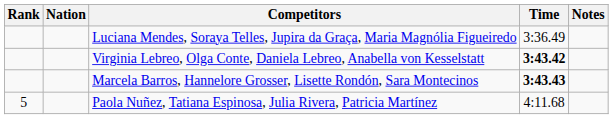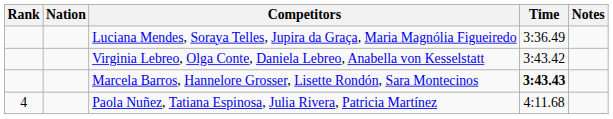 <table class="wikitable sortable" style="text-align:center">
 <tr>
 <th>Rank</th>
 <th>Nation</th>
 <th>Competitors</th>
 <th>Time</th>
 <th>Notes</th>
 </tr>
 <tr>
 <td></td>
 <td align=left></td>
 <td align=left><a href='#'>Luciana Mendes</a>, <a href='#'>Soraya Telles</a>, <a href='#'>Jupira da Graça</a>, <a href='#'>Maria Magnólia Figueiredo</a></td>
 <td>3:36.49</td>
 <td></td>
 </tr>
 <tr>
 <td></td>
 <td align=left></td>
 <td align=left><a href='#'>Virginia Lebreo</a>, <a href='#'>Olga Conte</a>, <a href='#'>Daniela Lebreo</a>, <a href='#'>Anabella von Kesselstatt</a></td>
-<td><strong>3:43.42</strong></td>
+<td>3:43.42</td>
 <td></td>
 </tr>
 <tr>
 <td></td>
 <td align=left></td>
 <td align=left><a href='#'>Marcela Barros</a>, <a href='#'>Hannelore Grosser</a>, <a href='#'>Lisette Rondón</a>, <a href='#'>Sara Montecinos</a></td>
 <td><strong>3:43.43</strong></td>
 <td></td>
 </tr>
 <tr>
-<td>5</td>
+<td>4</td>
 <td align=left></td>
 <td align=left><a href='#'>Paola Nuñez</a>, <a href='#'>Tatiana Espinosa</a>, <a href='#'>Julia Rivera</a>, <a href='#'>Patricia Martínez</a></td>
 <td>4:11.68</td>
 <td></td>
 </tr>
 </table>
